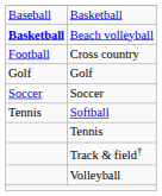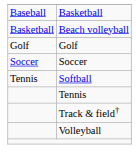 <table class="wikitable" style="float:right; clear:right; margin:0 0 1em 1em;">
 <tr>
 </tr>
 <tr>
 <td><a href='#'>Baseball</a></td>
 <td><a href='#'>Basketball</a></td>
 </tr>
 <tr>
-<td><strong><a href='#'>Basketball</a></strong></td>
+<td><a href='#'>Basketball</a></td>
 <td><a href='#'>Beach volleyball</a></td>
-</tr>
-<tr>
-<td><a href='#'>Football</a></td>
-<td>Cross country</td>
 </tr>
 <tr>
 <td>Golf</td>
 <td>Golf</td>
 </tr>
 <tr>
 <td><a href='#'>Soccer</a></td>
 <td>Soccer</td>
 </tr>
 <tr>
 <td>Tennis</td>
 <td><a href='#'>Softball</a></td>
 </tr>
 <tr>
 <td></td>
 <td>Tennis</td>
 </tr>
 <tr>
 <td></td>
 <td>Track & field<sup>†</sup></td>
 </tr>
 <tr>
 <td></td>
 <td>Volleyball</td>
 </tr>
 <tr>
 <td colspan="2"></td>
 </tr>
 </table>
